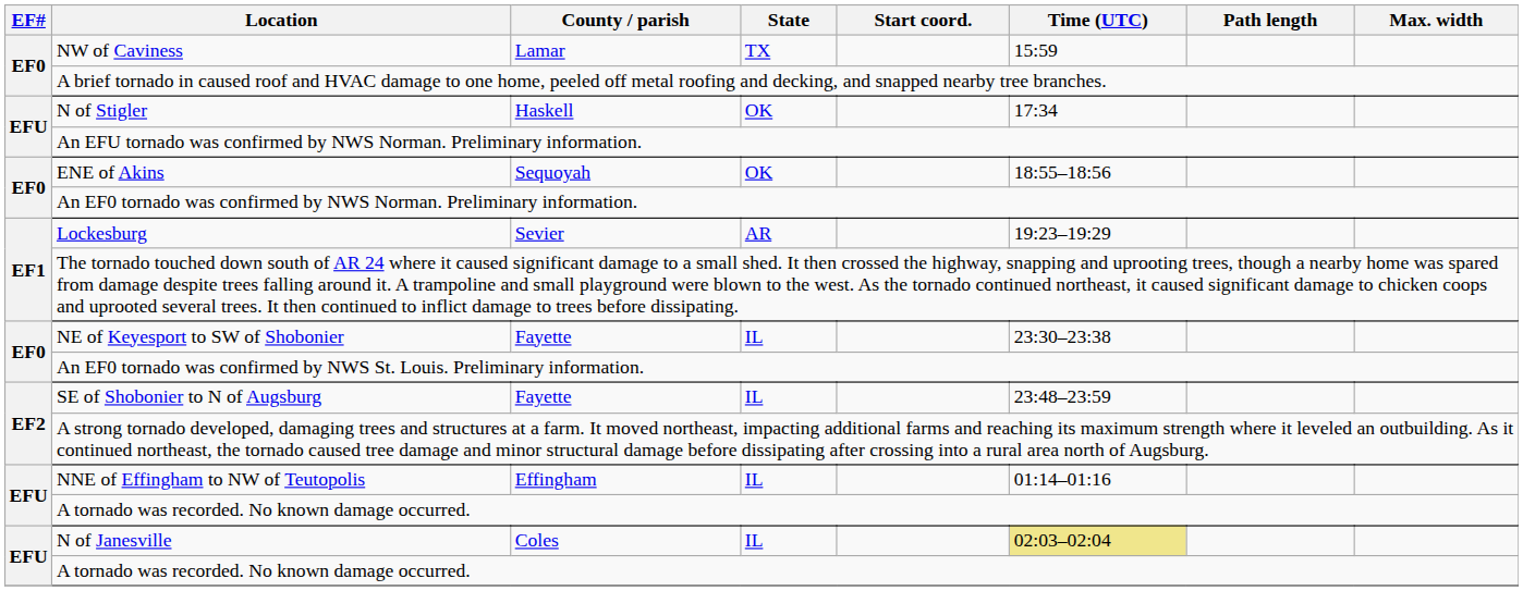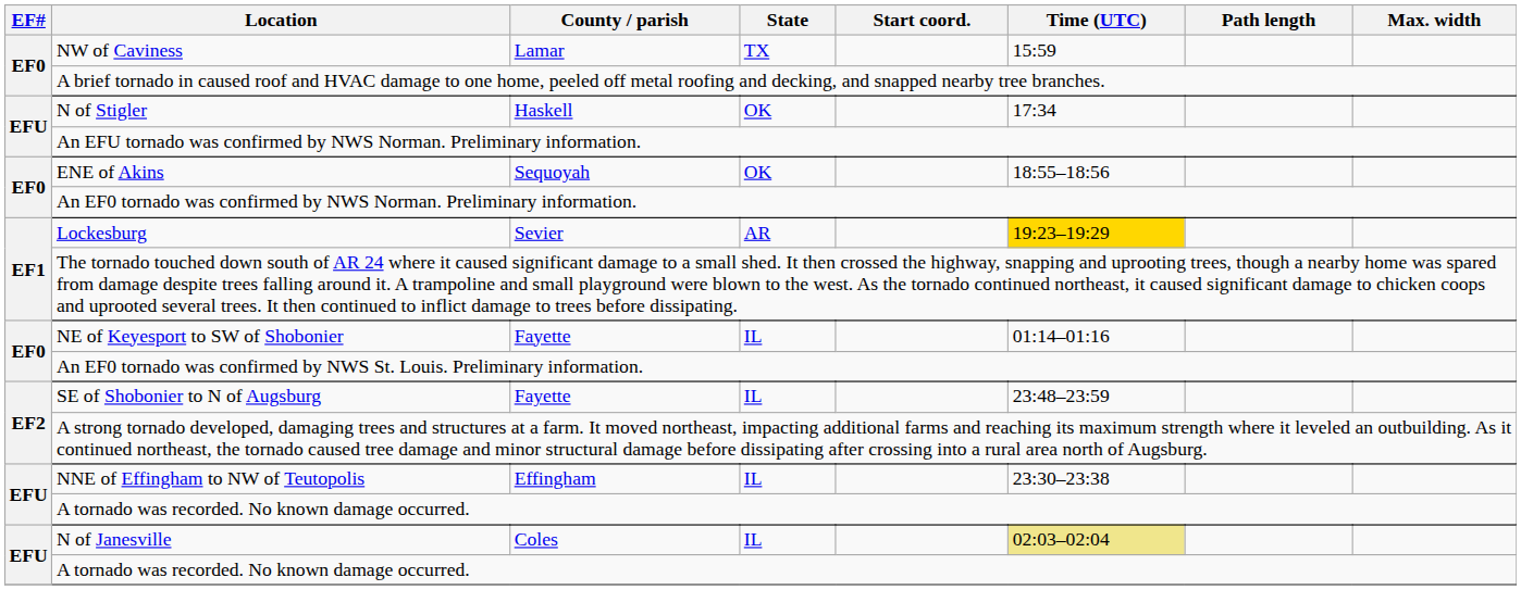 <table class="wikitable sortable" style="width:100%;">
 <tr>
 <th scope="col" width="2%" align="center"><a href='#'>EF#</a></th>
 <th scope="col" align="center" class="unsortable">Location</th>
 <th scope="col" align="center" class="unsortable">County / parish</th>
 <th scope="col" align="center">State</th>
 <th scope="col" align="center">Start coord.</th>
 <th scope="col" align="center">Time (<a href='#'>UTC</a>)</th>
 <th scope="col" align="center">Path length</th>
 <th scope="col" align="center">Max. width</th>
 </tr>
 <tr>
 <th scope="row" rowspan="2" style="background-color:#">EF0</th>
 <td>NW of <a href='#'>Caviness</a></td>
 <td><a href='#'>Lamar</a></td>
 <td><a href='#'>TX</a></td>
 <td></td>
 <td>15:59</td>
 <td></td>
 <td></td>
 </tr>
 <tr class="expand-child">
 <td colspan="8" style=" border-bottom: 1px solid black;">A brief tornado in caused roof and HVAC damage to one home, peeled off metal roofing and decking, and snapped nearby tree branches.</td>
 </tr>
 <tr>
 <th scope="row" rowspan="2" style="background-color:#">EFU</th>
 <td>N of <a href='#'>Stigler</a></td>
 <td><a href='#'>Haskell</a></td>
 <td><a href='#'>OK</a></td>
 <td></td>
 <td>17:34</td>
 <td></td>
 <td></td>
 </tr>
 <tr class="expand-child">
 <td colspan="8" style=" border-bottom: 1px solid black;">An EFU tornado was confirmed by NWS Norman. Preliminary information.</td>
 </tr>
 <tr>
 <th scope="row" rowspan="2" style="background-color:#">EF0</th>
 <td>ENE of <a href='#'>Akins</a></td>
 <td><a href='#'>Sequoyah</a></td>
 <td><a href='#'>OK</a></td>
 <td></td>
 <td>18:55–18:56</td>
 <td></td>
 <td></td>
 </tr>
 <tr class="expand-child">
 <td colspan="8" style=" border-bottom: 1px solid black;">An EF0 tornado was confirmed by NWS Norman. Preliminary information.</td>
 </tr>
 <tr>
 <th scope="row" rowspan="2" style="background-color:#">EF1</th>
 <td><a href='#'>Lockesburg</a></td>
 <td><a href='#'>Sevier</a></td>
 <td><a href='#'>AR</a></td>
 <td></td>
-<td>19:23–19:29</td>
+<td style="background: gold;">19:23–19:29</td>
 <td></td>
 <td></td>
 </tr>
 <tr class="expand-child">
 <td colspan="8" style=" border-bottom: 1px solid black;">The tornado touched down south of <a href='#'>AR 24</a> where it caused significant damage to a small shed. It then crossed the highway, snapping and uprooting trees, though a nearby home was spared from damage despite trees falling around it. A trampoline and small playground were blown  to the west. As the tornado continued northeast, it caused significant damage to chicken coops and uprooted several trees. It then continued to inflict damage to trees before dissipating.</td>
 </tr>
 <tr>
 <th scope="row" rowspan="2" style="background-color:#">EF0</th>
 <td>NE of <a href='#'>Keyesport</a> to SW of <a href='#'>Shobonier</a></td>
 <td><a href='#'>Fayette</a></td>
 <td><a href='#'>IL</a></td>
 <td></td>
-<td>23:30–23:38</td>
+<td>01:14–01:16</td>
 <td></td>
 <td></td>
 </tr>
 <tr class="expand-child">
 <td colspan="8" style=" border-bottom: 1px solid black;">An EF0 tornado was confirmed by NWS St. Louis. Preliminary information.</td>
 </tr>
 <tr>
 <th scope="row" rowspan="2" style="background-color:#">EF2</th>
 <td>SE of <a href='#'>Shobonier</a> to N of <a href='#'>Augsburg</a></td>
 <td><a href='#'>Fayette</a></td>
 <td><a href='#'>IL</a></td>
 <td></td>
 <td>23:48–23:59</td>
 <td></td>
 <td></td>
 </tr>
 <tr class="expand-child">
 <td colspan="8" style=" border-bottom: 1px solid black;">A strong tornado developed, damaging trees and structures at a farm. It moved northeast, impacting additional farms and reaching its maximum strength where it leveled an outbuilding. As it continued northeast, the tornado caused tree damage and minor structural damage before dissipating after crossing into a rural area north of Augsburg.</td>
 </tr>
 <tr>
 <th scope="row" rowspan="2" style="background-color:#">EFU</th>
 <td>NNE of <a href='#'>Effingham</a> to NW of <a href='#'>Teutopolis</a></td>
 <td><a href='#'>Effingham</a></td>
 <td><a href='#'>IL</a></td>
 <td></td>
-<td>01:14–01:16</td>
+<td>23:30–23:38</td>
 <td></td>
 <td></td>
 </tr>
 <tr class="expand-child">
 <td colspan="8" style=" border-bottom: 1px solid black;">A tornado was recorded. No known damage occurred.</td>
 </tr>
 <tr>
 <th scope="row" rowspan="2" style="background-color:#">EFU</th>
 <td>N of <a href='#'>Janesville</a></td>
 <td><a href='#'>Coles</a></td>
 <td><a href='#'>IL</a></td>
 <td></td>
 <td style="background: khaki;">02:03–02:04</td>
 <td></td>
 <td></td>
 </tr>
 <tr class="expand-child">
 <td colspan="8" style=" border-bottom: 1px solid black;">A tornado was recorded. No known damage occurred.</td>
 </tr>
 <tr>
 </tr>
 </table>
